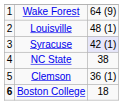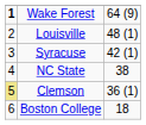 <table class="wikitable" style="display: inline-table;">
 <tr align="center">
 </tr>
 <tr align="center">
-<td>1</td>
+<td><strong>1</strong></td>
 <td><a href='#'>Wake Forest</a></td>
 <td>64 (9)</td>
 </tr>
 <tr align="center">
 <td>2</td>
 <td><a href='#'>Louisville</a></td>
 <td>48 (1)</td>
 </tr>
 <tr align="center">
 <td>3</td>
 <td><a href='#'>Syracuse</a></td>
-<td style="background: lavender;">42 (1)</td>
+<td>42 (1)</td>
 </tr>
 <tr align="center">
 <td>4</td>
 <td><a href='#'>NC State</a></td>
 <td>38</td>
 </tr>
 <tr align="center">
-<td>5</td>
+<td style="background: khaki;">5</td>
 <td><a href='#'>Clemson</a></td>
 <td>36 (1)</td>
 </tr>
 <tr align="center">
-<td><strong>6</strong></td>
+<td>6</td>
 <td><a href='#'>Boston College</a></td>
 <td>18</td>
 </tr>
 </table>
